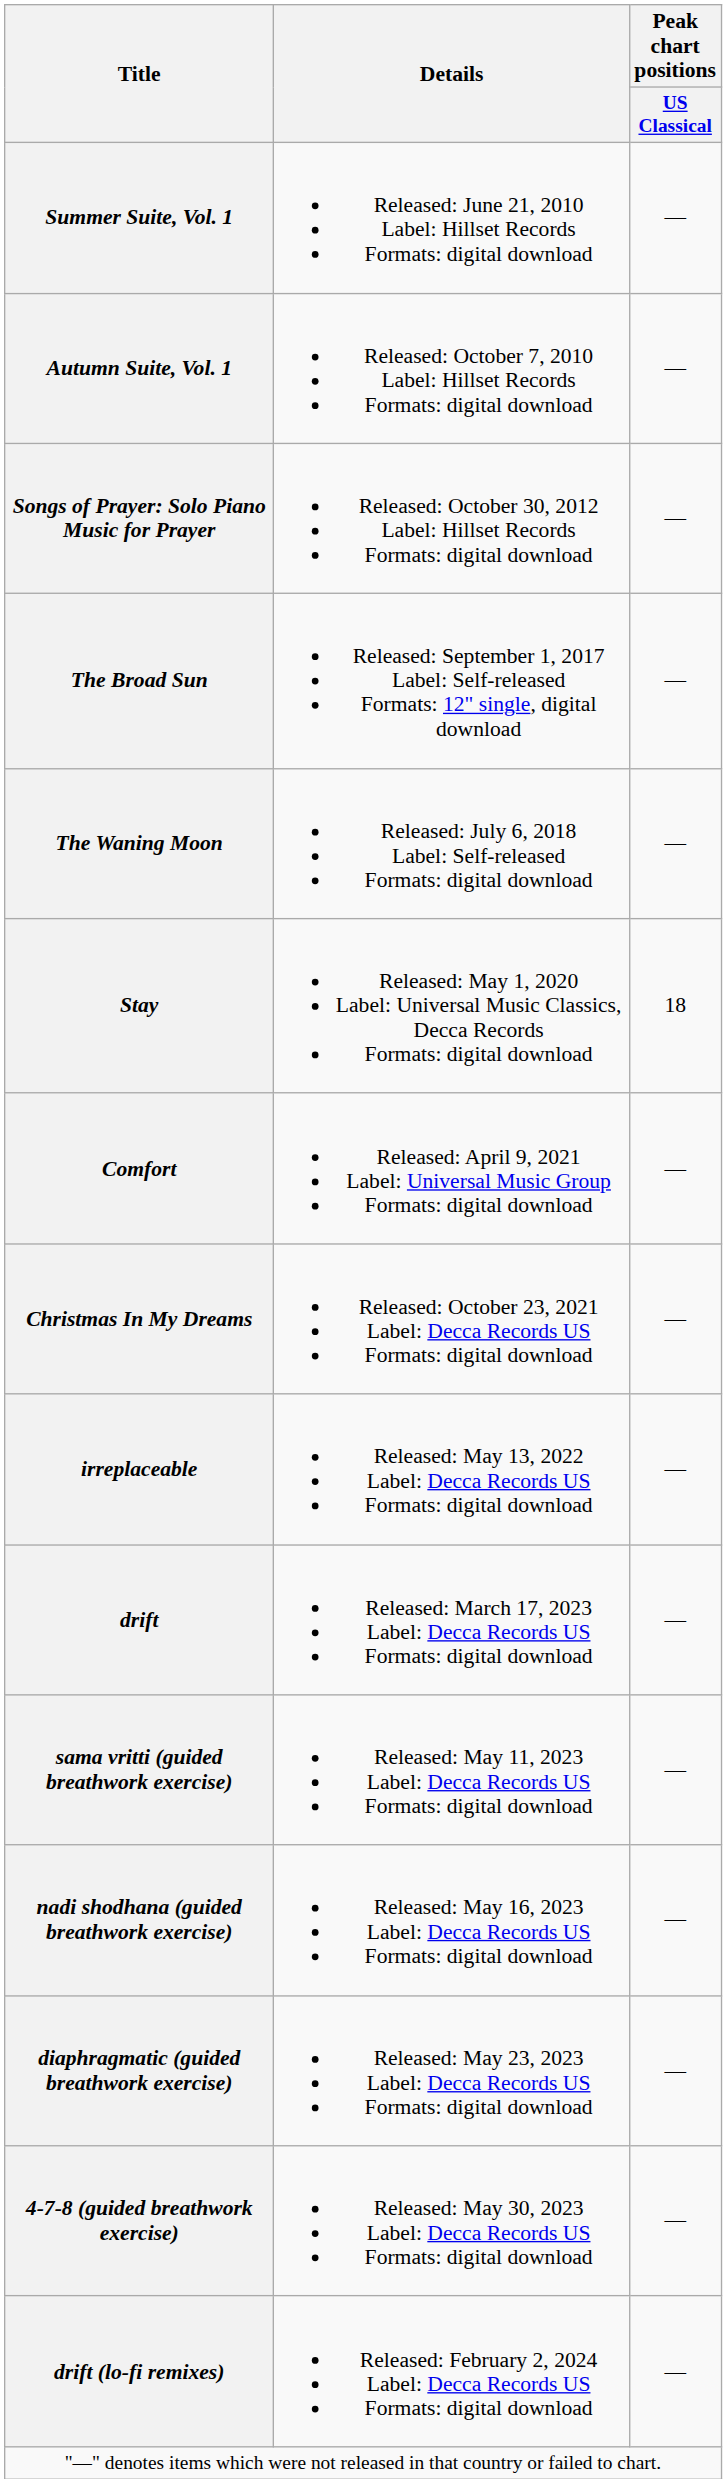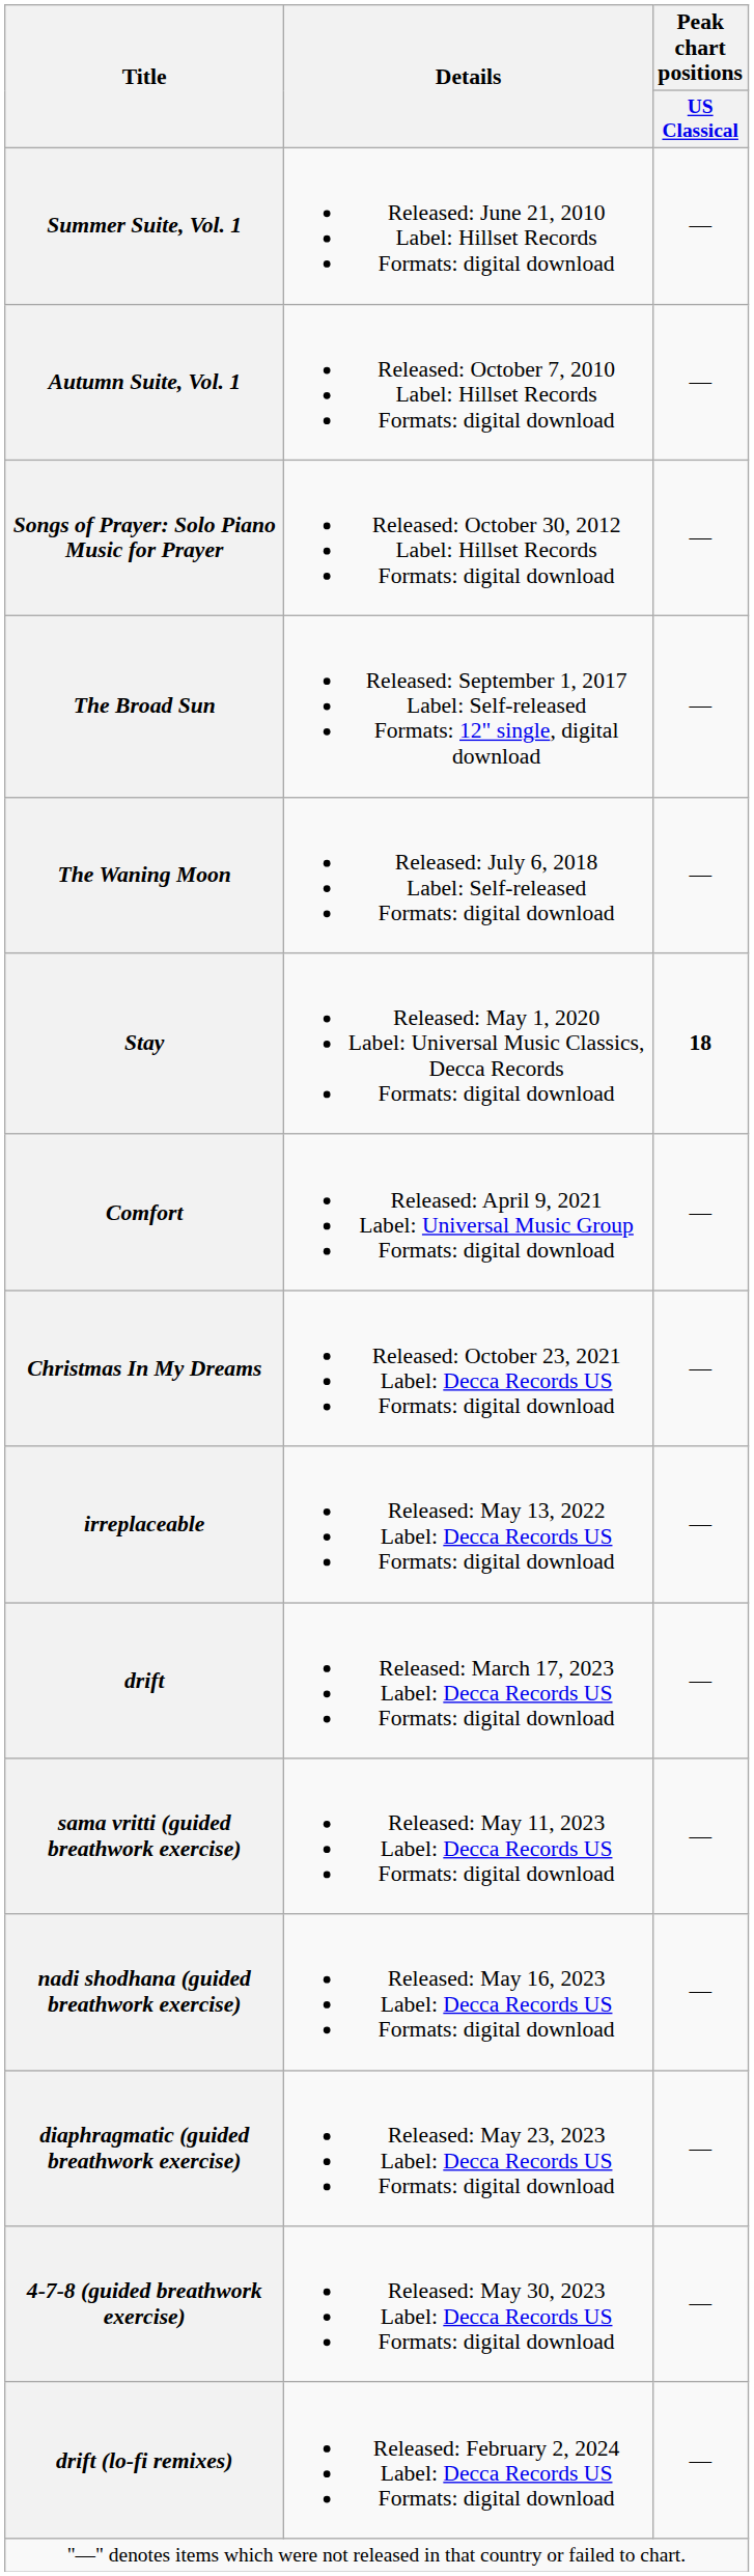 <table class="wikitable plainrowheaders" style="text-align:center;">
 <tr>
 <th scope="col" rowspan="2" style="width:12em;">Title</th>
 <th scope="col" rowspan="2" style="width:16em;">Details</th>
 <th scope="col">Peak chart positions</th>
 </tr>
 <tr>
 <th scope="col" style="width:3em;font-size:90%;"><a href='#'>US Classical</a><br></th>
 </tr>
 <tr>
 <th scope="row"><em>Summer Suite, Vol. 1</em></th>
 <td><br><ul><li>Released: June 21, 2010</li><li>Label: Hillset Records</li><li>Formats: digital download</li></ul></td>
 <td>—</td>
 </tr>
 <tr>
 <th scope="row"><em>Autumn Suite, Vol. 1</em></th>
 <td><br><ul><li>Released: October 7, 2010</li><li>Label: Hillset Records</li><li>Formats: digital download</li></ul></td>
 <td>—</td>
 </tr>
 <tr>
 <th scope="row"><em>Songs of Prayer: Solo Piano Music for Prayer</em></th>
 <td><br><ul><li>Released: October 30, 2012</li><li>Label: Hillset Records</li><li>Formats: digital download</li></ul></td>
 <td>—</td>
 </tr>
 <tr>
 <th scope="row"><em>The Broad Sun</em></th>
 <td><br><ul><li>Released: September 1, 2017</li><li>Label: Self-released</li><li>Formats: <a href='#'>12" single</a>, digital download</li></ul></td>
 <td>—</td>
 </tr>
 <tr>
 <th scope="row"><em>The Waning Moon</em></th>
 <td><br><ul><li>Released: July 6, 2018</li><li>Label: Self-released</li><li>Formats: digital download</li></ul></td>
 <td>—</td>
 </tr>
 <tr>
 <th scope="row"><em>Stay</em></th>
 <td><br><ul><li>Released: May 1, 2020</li><li>Label: Universal Music Classics, Decca Records</li><li>Formats: digital download</li></ul></td>
-<td>18</td>
+<td><strong>18</strong></td>
 </tr>
 <tr>
 <th scope="row"><em>Comfort</em></th>
 <td><br><ul><li>Released: April 9, 2021</li><li>Label: <a href='#'>Universal Music Group</a></li><li>Formats: digital download</li></ul></td>
 <td>—</td>
 </tr>
 <tr>
 <th scope="row"><em>Christmas In My Dreams</em></th>
 <td><br><ul><li>Released: October 23, 2021</li><li>Label: <a href='#'>Decca Records US</a></li><li>Formats: digital download</li></ul></td>
 <td>—</td>
 </tr>
 <tr>
 <th scope="row"><em>irreplaceable</em></th>
 <td><br><ul><li>Released: May 13, 2022</li><li>Label: <a href='#'>Decca Records US</a></li><li>Formats: digital download</li></ul></td>
 <td>—</td>
 </tr>
 <tr>
 <th scope="row"><em>drift</em></th>
 <td><br><ul><li>Released: March 17, 2023</li><li>Label: <a href='#'>Decca Records US</a></li><li>Formats: digital download</li></ul></td>
 <td>—</td>
 </tr>
 <tr>
 <th scope="row"><em>sama vritti (guided breathwork exercise)</em></th>
 <td><br><ul><li>Released: May 11, 2023</li><li>Label: <a href='#'>Decca Records US</a></li><li>Formats: digital download</li></ul></td>
 <td>—</td>
 </tr>
 <tr>
 <th scope="row"><em>nadi shodhana (guided breathwork exercise)</em></th>
 <td><br><ul><li>Released: May 16, 2023</li><li>Label: <a href='#'>Decca Records US</a></li><li>Formats: digital download</li></ul></td>
 <td>—</td>
 </tr>
 <tr>
 <th scope="row"><em>diaphragmatic (guided breathwork exercise)</em></th>
 <td><br><ul><li>Released: May 23, 2023</li><li>Label: <a href='#'>Decca Records US</a></li><li>Formats: digital download</li></ul></td>
 <td>—</td>
 </tr>
 <tr>
 <th scope="row"><em>4-7-8 (guided breathwork exercise)</em></th>
 <td><br><ul><li>Released: May 30, 2023</li><li>Label: <a href='#'>Decca Records US</a></li><li>Formats: digital download</li></ul></td>
 <td>—</td>
 </tr>
 <tr>
 <th scope="row"><em>drift (lo-fi remixes)</em></th>
 <td><br><ul><li>Released: February 2, 2024</li><li>Label: <a href='#'>Decca Records US</a></li><li>Formats: digital download</li></ul></td>
 <td>—</td>
 </tr>
 <tr>
 <td colspan="14" style="text-align:center; font-size:90%;">"—" denotes items which were not released in that country or failed to chart.</td>
 </tr>
 </table>
